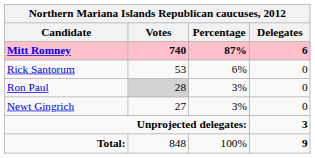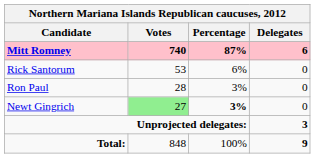 <table class="wikitable" style="font-size:95%;">
 <tr>
 <th colspan="4">Northern Mariana Islands Republican caucuses, 2012</th>
 </tr>
 <tr>
 <th rowspan="1" width="160px">Candidate</th>
 <th rowspan="1" width="75px">Votes</th>
 <th rowspan="1" width="75px">Percentage</th>
 <th rowspan="1" width="75px">Delegates</th>
 </tr>
 <tr align="right" bgcolor="pink">
 <td align="left">  <strong><a href='#'>Mitt Romney</a></strong></td>
 <td><strong>740</strong></td>
 <td><strong>87%</strong></td>
 <td><strong>6</strong></td>
 </tr>
 <tr align="right">
 <td align="left"><a href='#'>Rick Santorum</a></td>
 <td>53</td>
 <td>6%</td>
 <td>0</td>
 </tr>
 <tr align="right">
 <td align="left"><a href='#'>Ron Paul</a></td>
-<td style="background: lightgrey;">28</td>
+<td>28</td>
 <td>3%</td>
 <td>0</td>
 </tr>
 <tr align="right">
 <td align="left"><a href='#'>Newt Gingrich</a></td>
-<td>27</td>
-<td>3%</td>
+<td style="background: lightgreen;">27</td>
+<td><strong>3%</strong></td>
 <td>0</td>
 </tr>
 <tr align="right">
 <td colspan="3"><strong>Unprojected delegates:</strong></td>
 <td><strong>3</strong></td>
 </tr>
 <tr align="right">
 <td><strong>Total:</strong></td>
 <td>848</td>
 <td>100%</td>
 <td><strong>9</strong></td>
 </tr>
 </table>
